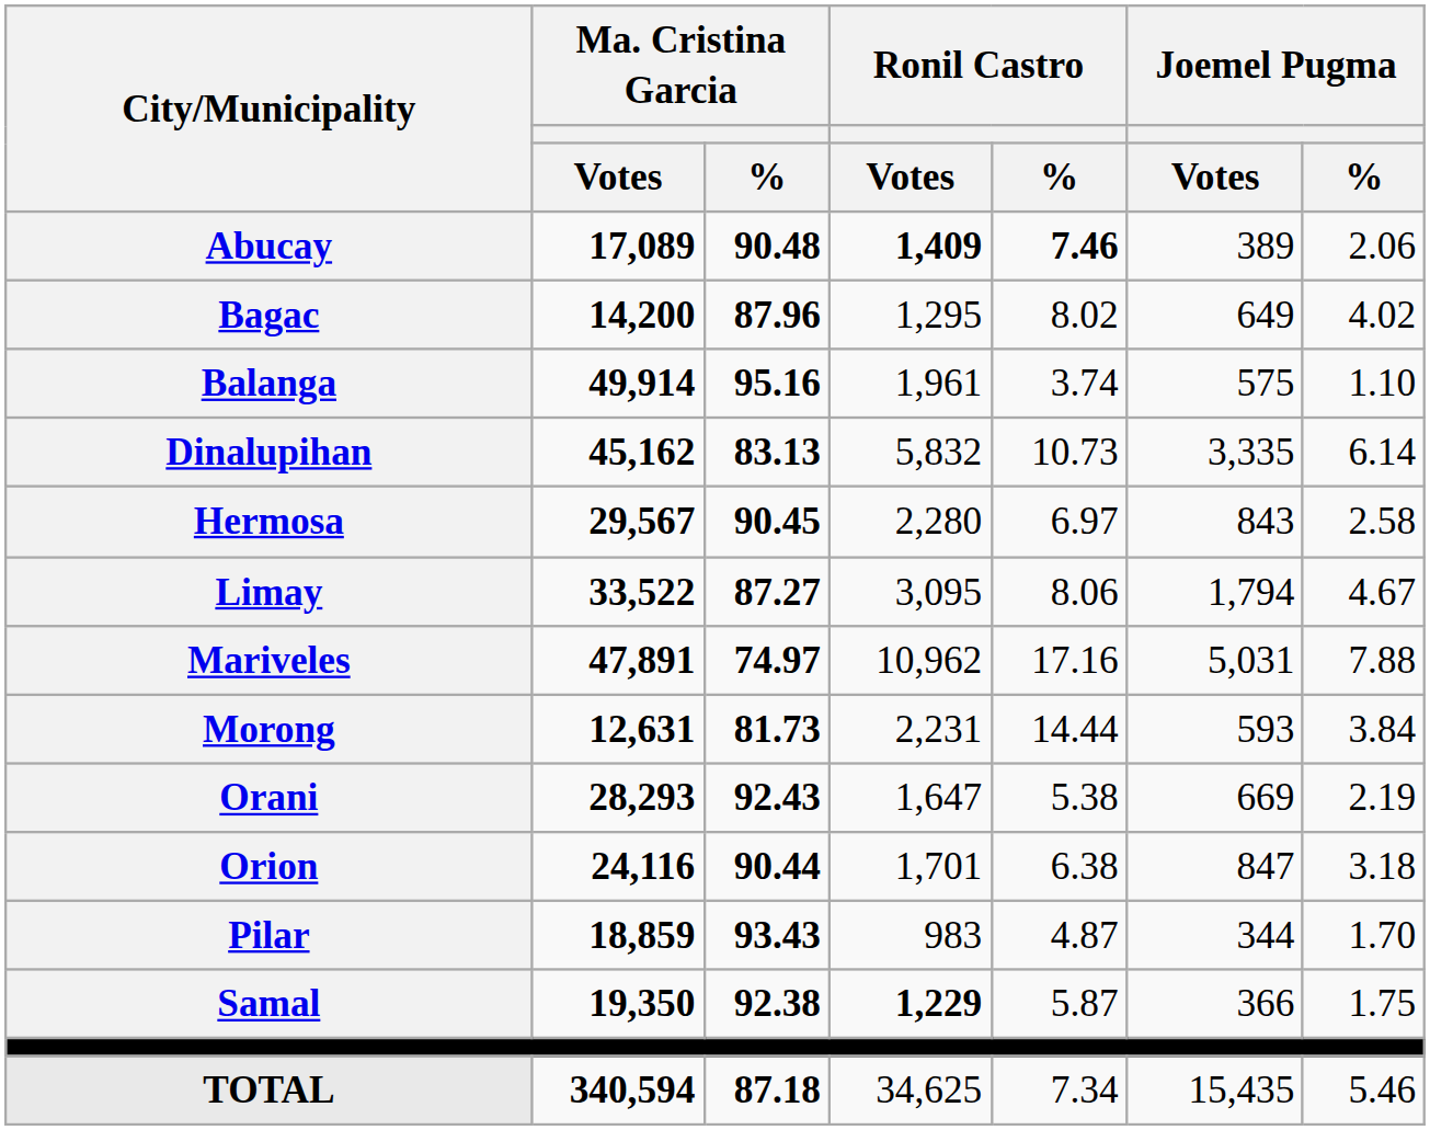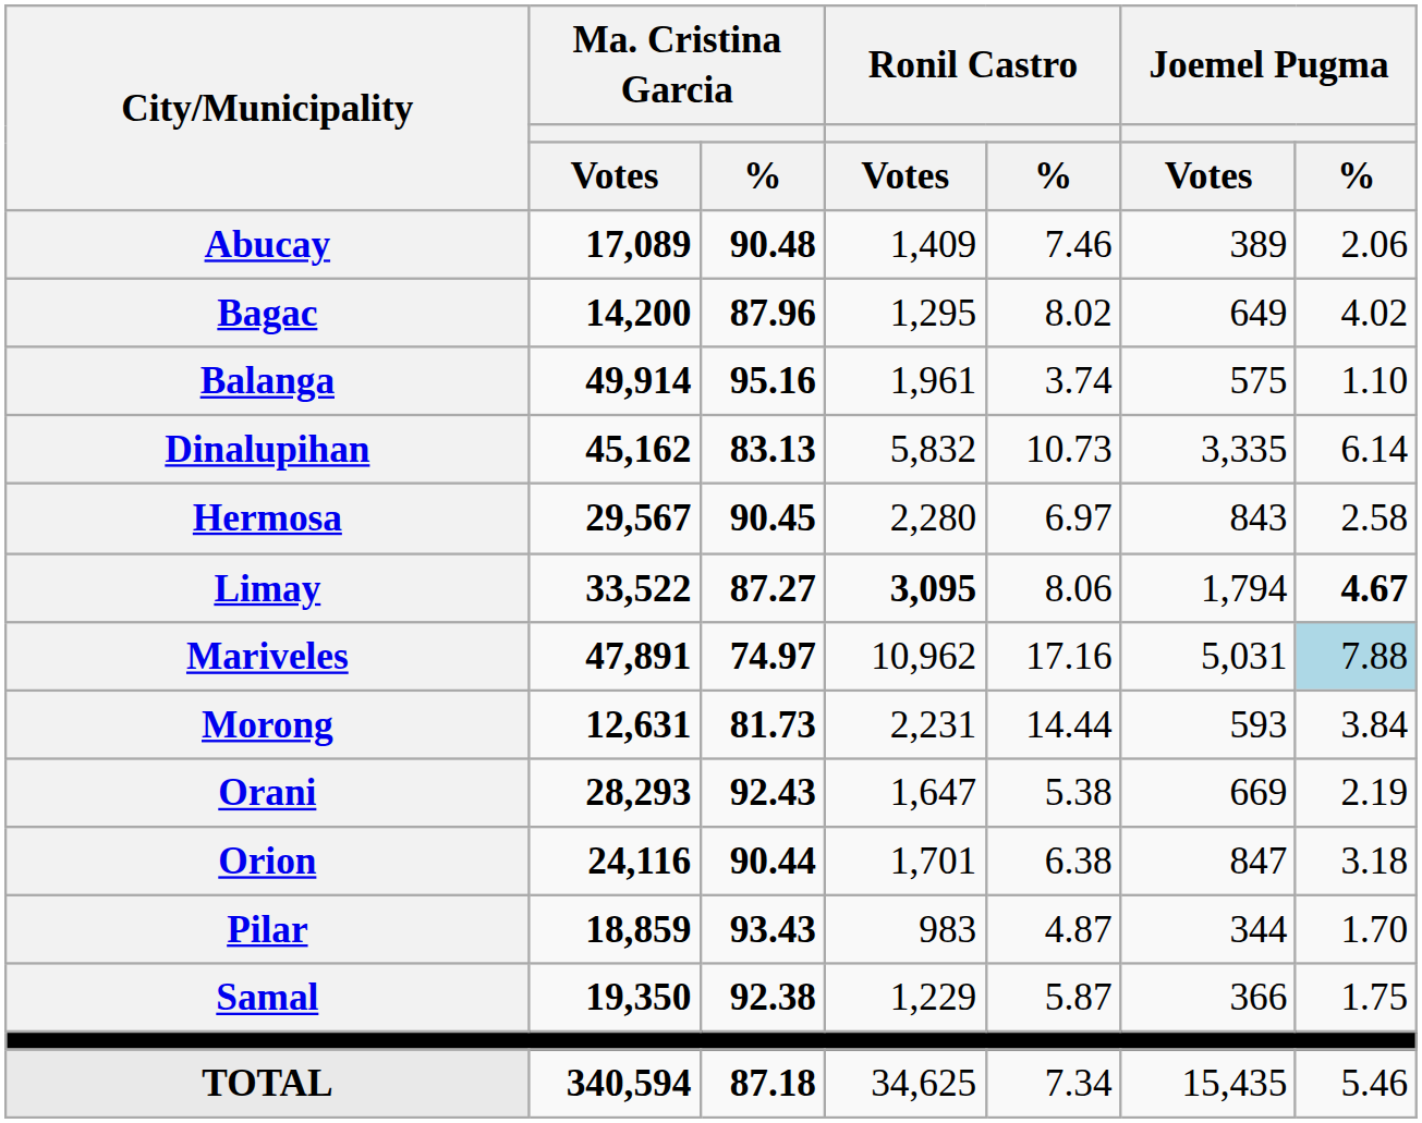 <table class="wikitable collapsible collapsed" style="text-align:right; font-size:95%; line-height:20px;">
 <tr>
 <th rowspan="3" width="200">City/Municipality</th>
 <th colspan="2" width="110">Ma. Cristina Garcia</th>
 <th colspan="2" width="110">Ronil Castro</th>
 <th colspan="2" width="110">Joemel Pugma</th>
 </tr>
 <tr>
 <th colspan="2" style="background:"></th>
 <th colspan="2" style="background:"></th>
 <th colspan="2" style="background:"></th>
 </tr>
 <tr>
 <th>Votes</th>
 <th>%</th>
 <th>Votes</th>
 <th>%</th>
 <th>Votes</th>
 <th>%</th>
 </tr>
 <tr>
 <th scope="row"><a href='#'>Abucay</a></th>
 <td style="background:"><strong>17,089</strong></td>
 <td style="background:"><strong>90.48</strong></td>
-<td><strong>1,409</strong></td>
-<td><strong>7.46</strong></td>
+<td>1,409</td>
+<td>7.46</td>
 <td>389</td>
 <td>2.06</td>
 </tr>
 <tr>
 <th scope="row"><a href='#'>Bagac</a></th>
 <td style="background:"><strong>14,200</strong></td>
 <td style="background:"><strong>87.96</strong></td>
 <td>1,295</td>
 <td>8.02</td>
 <td>649</td>
 <td>4.02</td>
 </tr>
 <tr>
 <th scope="row"><a href='#'>Balanga</a></th>
 <td style="background:"><strong>49,914</strong></td>
 <td style="background:"><strong>95.16</strong></td>
 <td>1,961</td>
 <td>3.74</td>
 <td>575</td>
 <td>1.10</td>
 </tr>
 <tr>
 <th scope="row"><a href='#'>Dinalupihan</a></th>
 <td style="background:"><strong>45,162</strong></td>
 <td style="background:"><strong>83.13</strong></td>
 <td>5,832</td>
 <td>10.73</td>
 <td>3,335</td>
 <td>6.14</td>
 </tr>
 <tr>
 <th scope="row"><a href='#'>Hermosa</a></th>
 <td style="background:"><strong>29,567</strong></td>
 <td style="background:"><strong>90.45</strong></td>
 <td>2,280</td>
 <td>6.97</td>
 <td>843</td>
 <td>2.58</td>
 </tr>
 <tr>
 <th scope="row"><a href='#'>Limay</a></th>
 <td style="background:"><strong>33,522</strong></td>
 <td style="background:"><strong>87.27</strong></td>
-<td>3,095</td>
+<td><strong>3,095</strong></td>
 <td>8.06</td>
 <td>1,794</td>
-<td>4.67</td>
+<td><strong>4.67</strong></td>
 </tr>
 <tr>
 <th scope="row"><a href='#'>Mariveles</a></th>
 <td style="background:"><strong>47,891</strong></td>
 <td style="background:"><strong>74.97</strong></td>
 <td>10,962</td>
 <td>17.16</td>
 <td>5,031</td>
-<td>7.88</td>
+<td style="background: lightblue;">7.88</td>
 </tr>
 <tr>
 <th scope="row"><a href='#'>Morong</a></th>
 <td style="background:"><strong>12,631</strong></td>
 <td style="background:"><strong>81.73</strong></td>
 <td>2,231</td>
 <td>14.44</td>
 <td>593</td>
 <td>3.84</td>
 </tr>
 <tr>
 <th scope="row"><a href='#'>Orani</a></th>
 <td style="background:"><strong>28,293</strong></td>
 <td style="background:"><strong>92.43</strong></td>
 <td>1,647</td>
 <td>5.38</td>
 <td>669</td>
 <td>2.19</td>
 </tr>
 <tr>
 <th scope="row"><a href='#'>Orion</a></th>
 <td style="background:"><strong>24,116</strong></td>
 <td style="background:"><strong>90.44</strong></td>
 <td>1,701</td>
 <td>6.38</td>
 <td>847</td>
 <td>3.18</td>
 </tr>
 <tr>
 <th scope="row"><a href='#'>Pilar</a></th>
 <td style="background:"><strong>18,859</strong></td>
 <td style="background:"><strong>93.43</strong></td>
 <td>983</td>
 <td>4.87</td>
 <td>344</td>
 <td>1.70</td>
 </tr>
 <tr>
 <th scope="row"><a href='#'>Samal</a></th>
 <td style="background:"><strong>19,350</strong></td>
 <td style="background:"><strong>92.38</strong></td>
-<td><strong>1,229</strong></td>
+<td>1,229</td>
 <td>5.87</td>
 <td>366</td>
 <td>1.75</td>
 </tr>
 <tr>
 <td colspan=7 bgcolor=black></td>
 </tr>
 <tr>
 <td style="background:#E9E9E9;" align="center"><strong>TOTAL</strong></td>
 <td style="background:"><strong>340,594</strong></td>
 <td style="background:"><strong>87.18</strong></td>
 <td>34,625</td>
 <td>7.34</td>
 <td>15,435</td>
 <td>5.46</td>
 </tr>
 </table>
